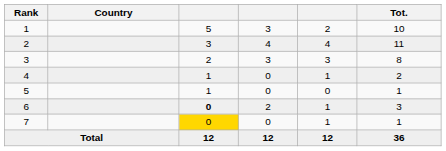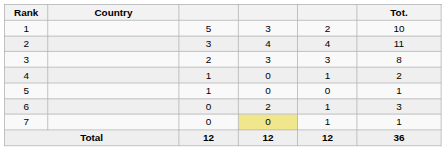 <table class=wikitable width=40% cellspacing="1" cellpadding="3" style="border:1px solid #AAAAAA;font-size:90%; text-align:center">
 <tr bgcolor="#EFEFEF">
 <th width=10%>Rank</th>
 <th width=30%>Country</th>
 <th></th>
 <th></th>
 <th></th>
 <th>Tot.</th>
 </tr>
 <tr>
 <td>1</td>
 <td align=left></td>
 <td>5</td>
 <td>3</td>
 <td>2</td>
 <td>10</td>
 </tr>
 <tr bgcolor="#efefef">
 <td>2</td>
 <td align=left></td>
 <td>3</td>
 <td>4</td>
 <td>4</td>
 <td>11</td>
 </tr>
 <tr>
 <td>3</td>
 <td align=left></td>
 <td>2</td>
 <td>3</td>
 <td>3</td>
 <td>8</td>
 </tr>
 <tr bgcolor="#efefef">
 <td>4</td>
 <td align=left></td>
 <td>1</td>
 <td>0</td>
 <td>1</td>
 <td>2</td>
 </tr>
 <tr>
 <td>5</td>
 <td align=left></td>
 <td>1</td>
 <td>0</td>
 <td>0</td>
 <td>1</td>
 </tr>
 <tr bgcolor="#efefef">
 <td>6</td>
 <td align=left></td>
-<td><strong>0</strong></td>
+<td>0</td>
 <td>2</td>
 <td>1</td>
 <td>3</td>
 </tr>
 <tr>
 <td>7</td>
 <td align=left></td>
-<td style="background: gold;">0</td>
 <td>0</td>
+<td style="background: khaki;">0</td>
 <td>1</td>
 <td>1</td>
 </tr>
 <tr bgcolor="#efefef">
 <td colspan=2><strong>Total</strong></td>
 <td><strong>12</strong></td>
 <td><strong>12</strong></td>
 <td><strong>12</strong></td>
 <td><strong>36</strong></td>
 </tr>
 </table>
